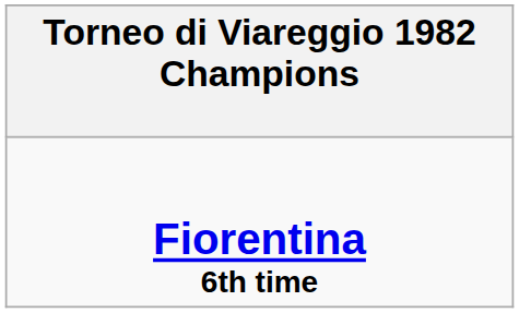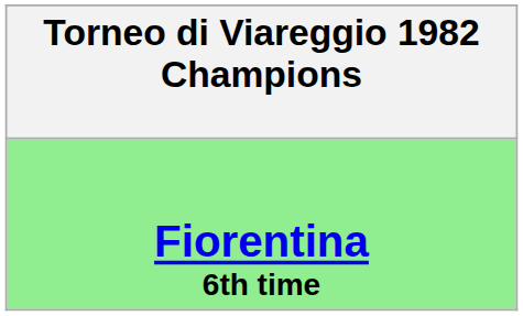 <table class="wikitable" style="margin: 0 auto; width: 30%;">
 <tr>
 <th><big>Torneo di Viareggio 1982 Champions</big><br><br></th>
 </tr>
 <tr>
-<td align=center><br><br><big><big><strong><a href='#'>Fiorentina</a></strong><br></big></big><strong>6th time</strong></td>
+<td align=center style="background: lightgreen;"><br><br><big><big><strong><a href='#'>Fiorentina</a></strong><br></big></big><strong>6th time</strong></td>
 </tr>
 </table>
